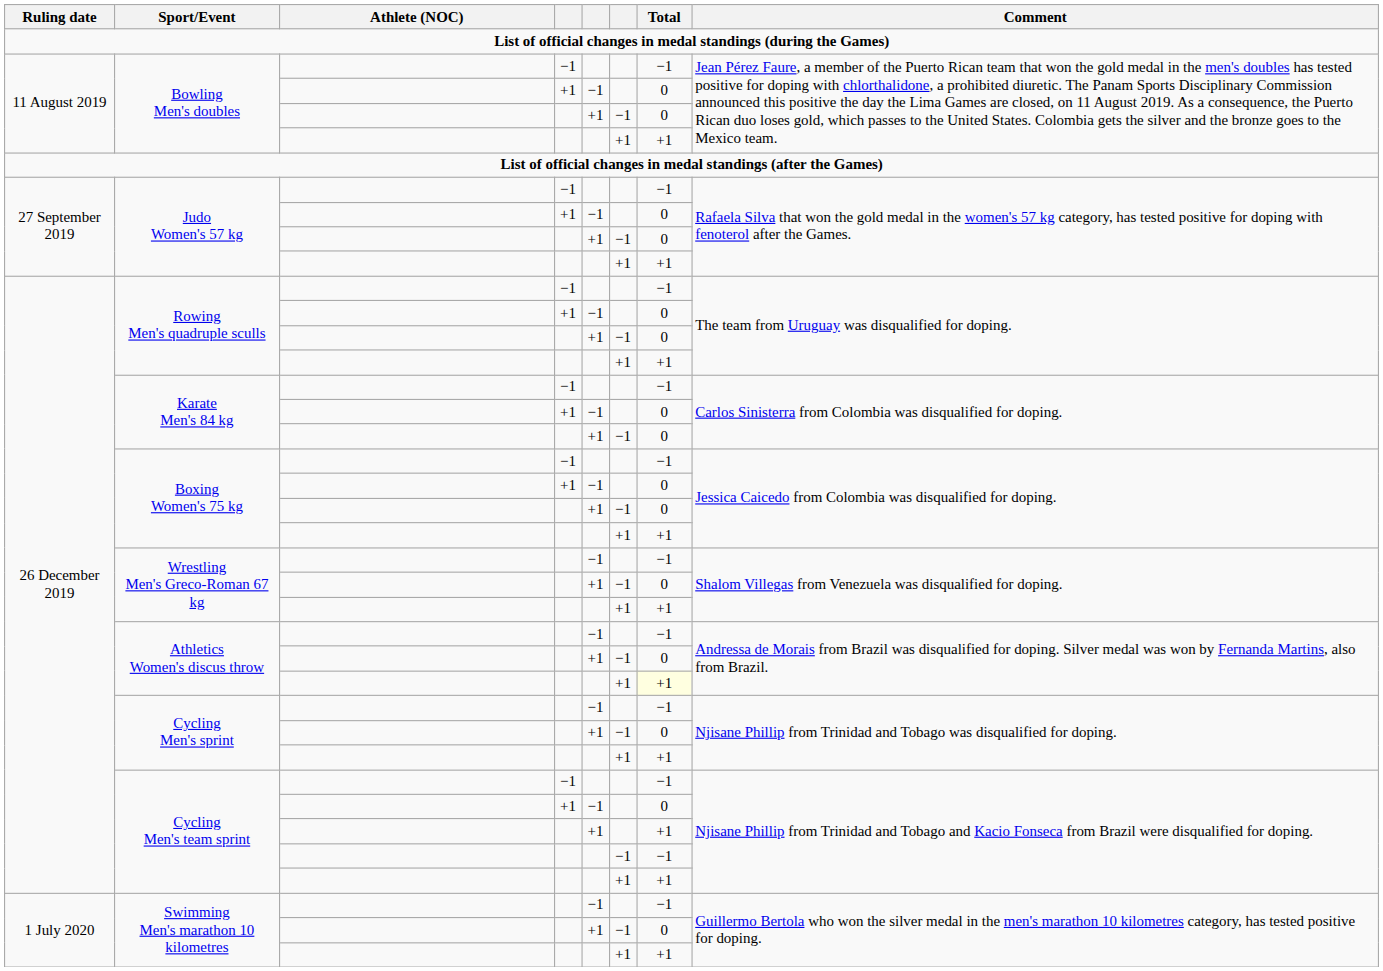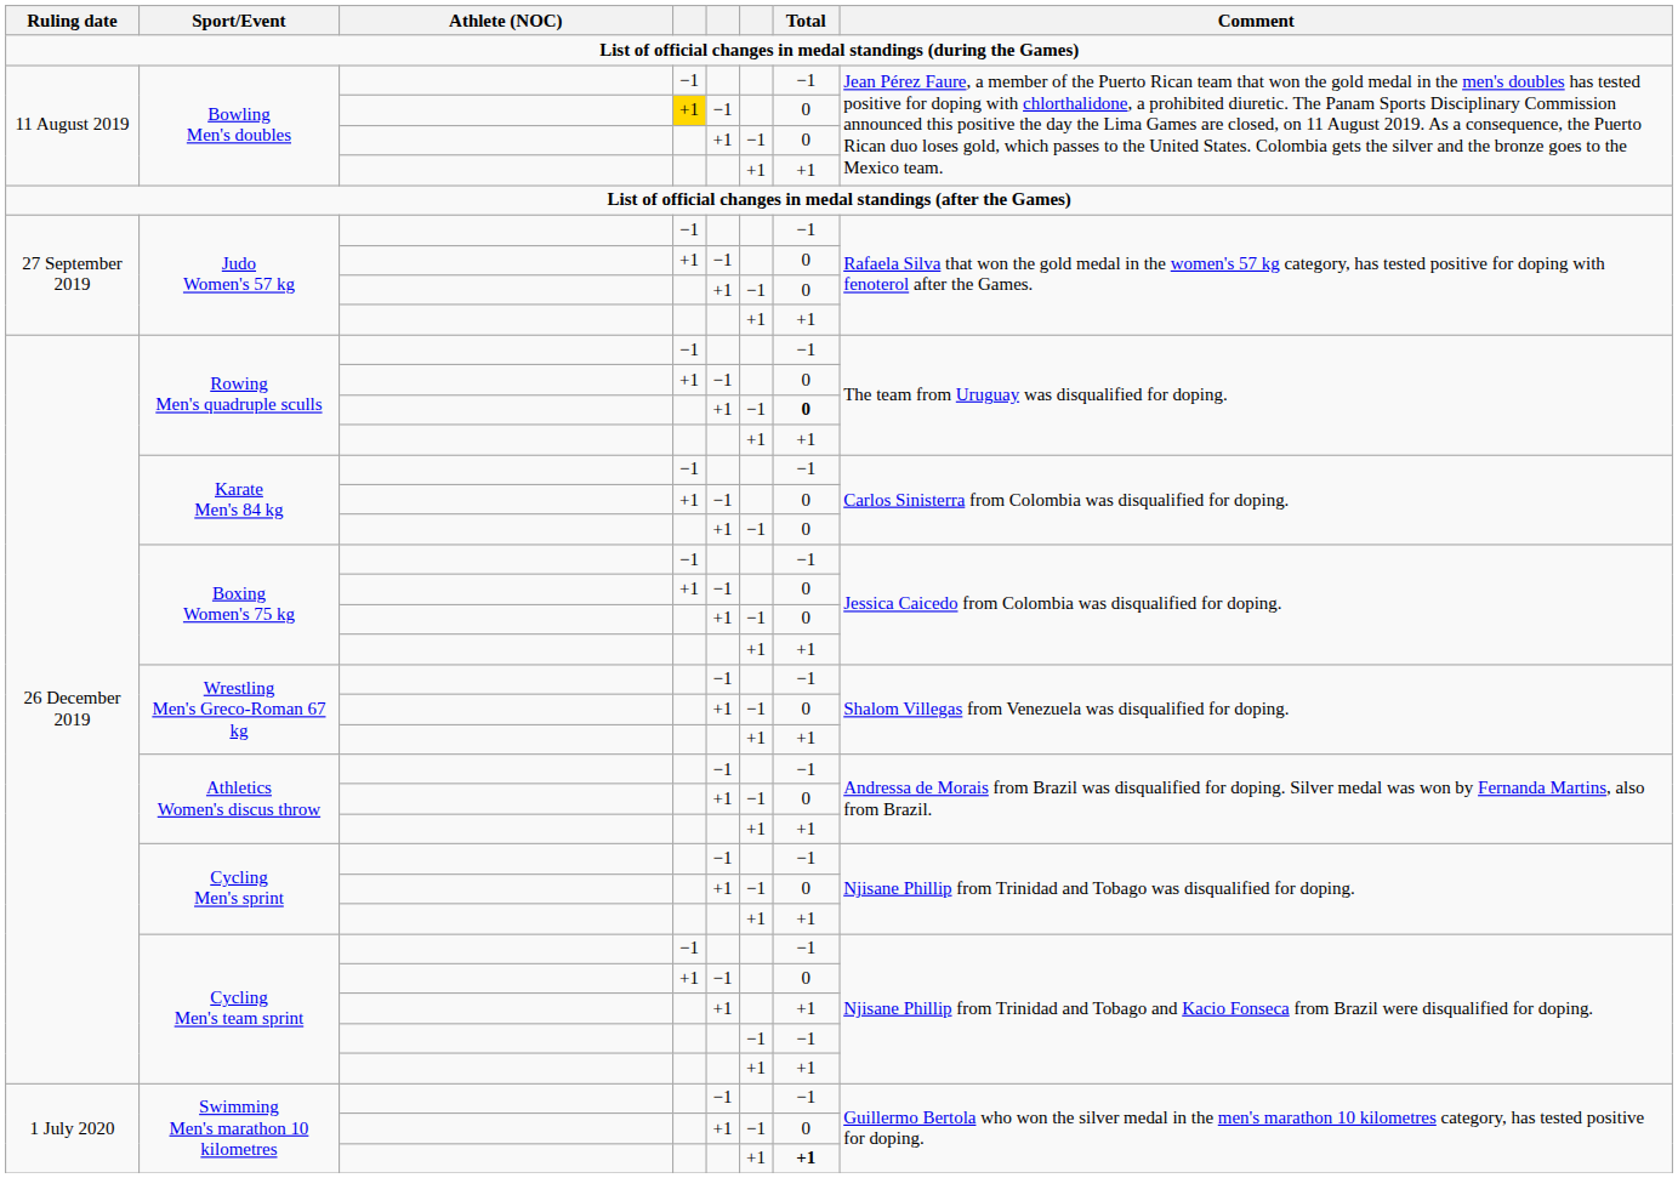 <table class="wikitable" style="text-align:center; font-size:85%;">
 <tr>
 <th style="width:8%">Ruling date</th>
 <th style="width:12%">Sport/Event</th>
 <th style="width:20%">Athlete (NOC)</th>
 <th style="width:2%"></th>
 <th style="width:2%"></th>
 <th style="width:2%"></th>
 <th style="width:4%">Total</th>
 <th style="width:50%">Comment</th>
 </tr>
 <tr>
 <td colspan=8><strong>List of official changes in medal standings (during the Games)</strong></td>
 </tr>
 <tr>
 <td rowspan=4>11 August 2019</td>
 <td rowspan=4><a href='#'>Bowling</a><br><a href='#'>Men's doubles</a></td>
 <td style="width:10px; text-align:left;"> </td>
 <td>−1</td>
 <td></td>
 <td></td>
 <td>−1</td>
 <td rowspan=4 style="text-align:left;"><a href='#'>Jean Pérez Faure</a>, a member of the Puerto Rican team that won the gold medal in the <a href='#'>men's doubles</a> has tested positive for doping with <a href='#'>chlorthalidone</a>, a prohibited diuretic. The Panam Sports Disciplinary Commission announced this positive the day the Lima Games are closed, on 11 August 2019. As a consequence, the Puerto Rican duo loses gold, which passes to the United States. Colombia gets the silver and the bronze goes to the Mexico team.</td>
 </tr>
 <tr>
 <td align=left></td>
-<td>+1</td>
+<td style="background: gold;">+1</td>
 <td>−1</td>
 <td></td>
 <td>0</td>
 </tr>
 <tr>
 <td align=left></td>
 <td></td>
 <td>+1</td>
 <td>−1</td>
 <td>0</td>
 </tr>
 <tr>
 <td align=left></td>
 <td></td>
 <td></td>
 <td>+1</td>
 <td>+1</td>
 </tr>
 <tr>
 <td colspan=8><strong>List of official changes in medal standings (after the Games)</strong></td>
 </tr>
 <tr>
 <td rowspan=4>27 September 2019</td>
 <td rowspan=4><a href='#'>Judo</a><br><a href='#'>Women's 57 kg</a></td>
 <td style="width:10px; text-align:left;"> </td>
 <td>−1</td>
 <td></td>
 <td></td>
 <td>−1</td>
 <td rowspan=4 style="text-align:left;"><a href='#'>Rafaela Silva</a> that won the gold medal in the <a href='#'>women's 57 kg</a> category, has tested positive for doping with <a href='#'>fenoterol</a> after the Games.</td>
 </tr>
 <tr>
 <td style="width:10px; text-align:left;"></td>
 <td>+1</td>
 <td>−1</td>
 <td></td>
 <td>0</td>
 </tr>
 <tr>
 <td style="width:10px; text-align:left;"></td>
 <td></td>
 <td>+1</td>
 <td>−1</td>
 <td>0</td>
 </tr>
 <tr>
 <td style="width:10px; text-align:left;"></td>
 <td></td>
 <td></td>
 <td>+1</td>
 <td>+1</td>
 </tr>
 <tr>
 <td rowspan=25>26 December 2019</td>
 <td rowspan=4><a href='#'>Rowing</a><br><a href='#'>Men's quadruple sculls</a></td>
 <td style="width:10px; text-align:left;"> </td>
 <td>−1</td>
 <td></td>
 <td></td>
 <td>−1</td>
 <td rowspan=4 style="text-align:left;">The team from <a href='#'>Uruguay</a> was disqualified for doping.</td>
 </tr>
 <tr>
 <td style="width:10px; text-align:left;"></td>
 <td>+1</td>
 <td>−1</td>
 <td></td>
 <td>0</td>
 </tr>
 <tr>
 <td style="width:10px; text-align:left;"></td>
 <td></td>
 <td>+1</td>
 <td>−1</td>
-<td>0</td>
+<td><strong>0</strong></td>
 </tr>
 <tr>
 <td style="width:10px; text-align:left;"></td>
 <td></td>
 <td></td>
 <td>+1</td>
 <td>+1</td>
 </tr>
 <tr>
 <td rowspan=3><a href='#'>Karate</a><br><a href='#'>Men's 84 kg</a></td>
 <td style="width:10px; text-align:left;"> </td>
 <td>−1</td>
 <td></td>
 <td></td>
 <td>−1</td>
 <td rowspan=3 style="text-align:left;"><a href='#'>Carlos Sinisterra</a> from Colombia was disqualified for doping.</td>
 </tr>
 <tr>
 <td style="width:10px; text-align:left;"></td>
 <td>+1</td>
 <td>−1</td>
 <td></td>
 <td>0</td>
 </tr>
 <tr>
 <td style="width:10px; text-align:left;"></td>
 <td></td>
 <td>+1</td>
 <td>−1</td>
 <td>0</td>
 </tr>
 <tr>
 <td rowspan=4><a href='#'>Boxing</a><br><a href='#'>Women's 75 kg</a></td>
 <td style="width:10px; text-align:left;"> </td>
 <td>−1</td>
 <td></td>
 <td></td>
 <td>−1</td>
 <td rowspan=4 style="text-align:left;"><a href='#'>Jessica Caicedo</a> from Colombia was disqualified for doping.</td>
 </tr>
 <tr>
 <td style="width:10px; text-align:left;"></td>
 <td>+1</td>
 <td>−1</td>
 <td></td>
 <td>0</td>
 </tr>
 <tr>
 <td style="width:10px; text-align:left;"></td>
 <td></td>
 <td>+1</td>
 <td>−1</td>
 <td>0</td>
 </tr>
 <tr>
 <td style="width:10px; text-align:left;"></td>
 <td></td>
 <td></td>
 <td>+1</td>
 <td>+1</td>
 </tr>
 <tr>
 <td rowspan=3><a href='#'>Wrestling</a><br><a href='#'>Men's Greco-Roman 67 kg</a></td>
 <td style="width:10px; text-align:left;"> </td>
 <td></td>
 <td>−1</td>
 <td></td>
 <td>−1</td>
 <td rowspan=3 style="text-align:left;"><a href='#'>Shalom Villegas</a> from Venezuela was disqualified for doping.</td>
 </tr>
 <tr>
 <td style="width:10px; text-align:left;"></td>
 <td></td>
 <td>+1</td>
 <td>−1</td>
 <td>0</td>
 </tr>
 <tr>
 <td style="width:10px; text-align:left;"></td>
 <td></td>
 <td></td>
 <td>+1</td>
 <td>+1</td>
 </tr>
 <tr>
 <td rowspan=3><a href='#'>Athletics</a><br><a href='#'>Women's discus throw</a></td>
 <td style="width:10px; text-align:left;"> </td>
 <td></td>
 <td>−1</td>
 <td></td>
 <td>−1</td>
 <td rowspan=3 style="text-align:left;"><a href='#'>Andressa de Morais</a> from Brazil was disqualified for doping. Silver medal was won by <a href='#'>Fernanda Martins</a>, also from Brazil.</td>
 </tr>
 <tr>
 <td style="width:10px; text-align:left;"></td>
 <td></td>
 <td>+1</td>
 <td>−1</td>
 <td>0</td>
 </tr>
 <tr>
 <td style="width:10px; text-align:left;"></td>
 <td></td>
 <td></td>
 <td>+1</td>
-<td style="background: lightyellow;">+1</td>
+<td>+1</td>
 </tr>
 <tr>
 <td rowspan=3><a href='#'>Cycling</a><br><a href='#'>Men's sprint</a></td>
 <td style="width:10px; text-align:left;"> </td>
 <td></td>
 <td>−1</td>
 <td></td>
 <td>−1</td>
 <td rowspan=3 style="text-align:left;"><a href='#'>Njisane Phillip</a> from Trinidad and Tobago was disqualified for doping.</td>
 </tr>
 <tr>
 <td style="width:10px; text-align:left;"></td>
 <td></td>
 <td>+1</td>
 <td>−1</td>
 <td>0</td>
 </tr>
 <tr>
 <td style="width:10px; text-align:left;"></td>
 <td></td>
 <td></td>
 <td>+1</td>
 <td>+1</td>
 </tr>
 <tr>
 <td rowspan=5><a href='#'>Cycling</a><br><a href='#'>Men's team sprint</a></td>
 <td style="width:10px; text-align:left;"> </td>
 <td>−1</td>
 <td></td>
 <td></td>
 <td>−1</td>
 <td rowspan=5 style="text-align:left;"><a href='#'>Njisane Phillip</a> from Trinidad and Tobago and <a href='#'>Kacio Fonseca</a> from Brazil were disqualified for doping.</td>
 </tr>
 <tr>
 <td style="width:10px; text-align:left;"></td>
 <td>+1</td>
 <td>−1</td>
 <td></td>
 <td>0</td>
 </tr>
 <tr>
 <td style="width:10px; text-align:left;"></td>
 <td></td>
 <td>+1</td>
 <td></td>
 <td>+1</td>
 </tr>
 <tr>
 <td style="width:10px; text-align:left;"> </td>
 <td></td>
 <td></td>
 <td>−1</td>
 <td>−1</td>
 </tr>
 <tr>
 <td style="width:10px; text-align:left;"></td>
 <td></td>
 <td></td>
 <td>+1</td>
 <td>+1</td>
 </tr>
 <tr>
 <td rowspan=4>1 July 2020</td>
 <td rowspan=4><a href='#'>Swimming</a><br><a href='#'>Men's marathon 10 kilometres</a></td>
 <td style="width:10px; text-align:left;"> </td>
 <td></td>
 <td>−1</td>
 <td></td>
 <td>−1</td>
 <td rowspan=4 style="text-align:left;"><a href='#'>Guillermo Bertola</a> who won the silver medal in the <a href='#'>men's marathon 10 kilometres</a> category, has tested positive for doping.</td>
 </tr>
 <tr>
 <td style="width:10px; text-align:left;"></td>
 <td></td>
 <td>+1</td>
 <td>−1</td>
 <td>0</td>
 </tr>
 <tr>
 <td style="width:10px; text-align:left;"></td>
 <td></td>
 <td></td>
 <td>+1</td>
-<td>+1</td>
+<td><strong>+1</strong></td>
 </tr>
 </table>
